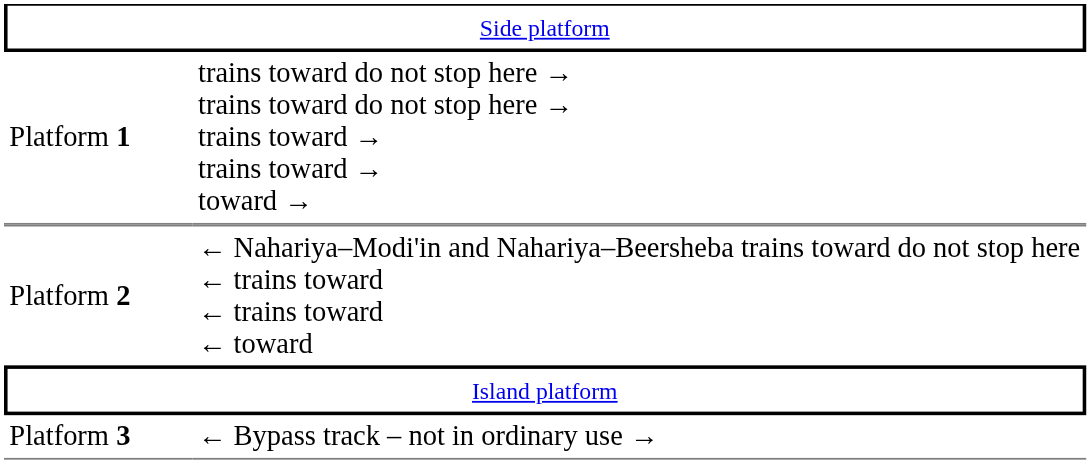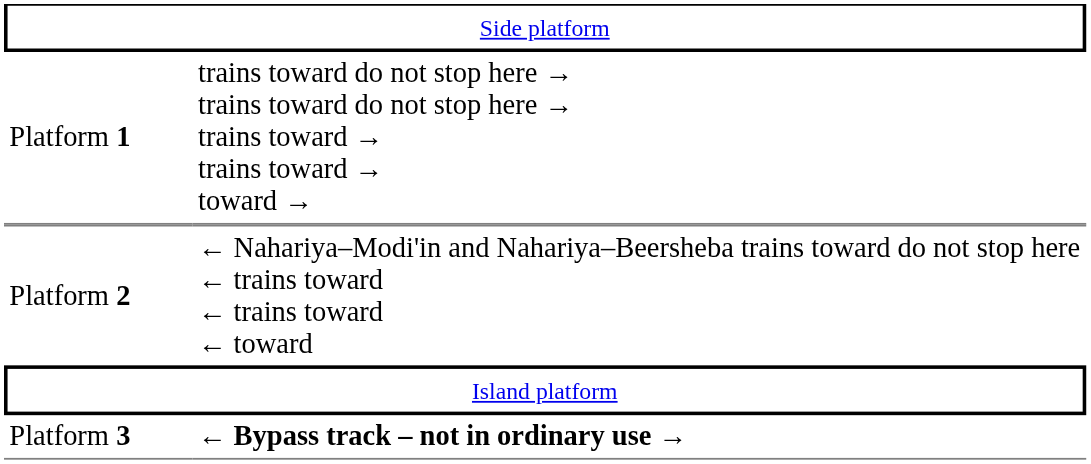 <table border=0 cellspacing=0 cellpadding=3>
 <tr>
 <td style="border-top:solid 1-x black;border-top:solid 1px black;border-right:solid 2px black;border-left:solid 2px black;border-bottom:solid 2px black;text-align:center;" colspan=2><small><a href='#'>Side platform</a></small></td>
 </tr>
 <tr>
 <td style="border-bottom:solid 1px gray;" width=100>Platform <strong>1</strong></td>
 <td style="border-bottom:solid 1px gray;">  trains toward  do not stop here →<br>  trains toward  do not stop here →<br>  trains toward   →<br>  trains toward   →<br>  toward   →</td>
 </tr>
 <tr>
 <td style="border-top:solid 1px gray;">Platform <strong>2</strong></td>
 <td style="border-top:solid 1px gray;">←   Nahariya–Modi'in and Nahariya–Beersheba trains toward  do not stop here<br>←  trains toward  <br>←  trains toward  <br>←  toward  </td>
 </tr>
 <tr>
 <td style="border-top:solid 2px black;border-right:solid 2px black;border-left:solid 2px black;border-bottom:solid 2px black;text-align:center;" colspan=2><small><a href='#'>Island platform</a></small></td>
 </tr>
 <tr>
 <td style="border-bottom:solid 1px gray;">Platform <strong>3</strong></td>
-<td style="border-bottom:solid 1px gray;">← Bypass track – not in ordinary use →</td>
+<td style="border-bottom:solid 1px gray;"><strong>← Bypass track – not in ordinary use →</strong></td>
 </tr>
 </table>
